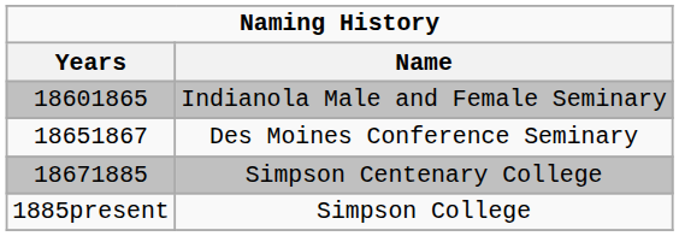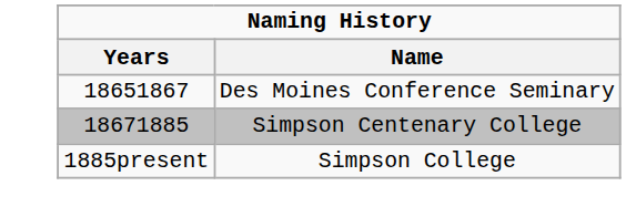 <table class="wikitable" style="float:right; font-size:85%; clear:left; margin:0 0 1em 1em;">
 <tr>
 <td colspan="2" style="text-align:center; font-size:100%; "><strong>Naming History</strong></td>
 </tr>
 <tr>
 <th>Years</th>
 <th>Name</th>
-</tr>
-<tr style="text-align:center; background:silver;">
-<td>18601865</td>
-<td>Indianola Male and Female Seminary</td>
 </tr>
 <tr style="text-align:center;">
 <td>18651867</td>
 <td>Des Moines Conference Seminary</td>
 </tr>
 <tr style="text-align:center; background:silver;">
 <td>18671885</td>
 <td>Simpson Centenary College</td>
 </tr>
 <tr style="text-align:center;">
 <td>1885present</td>
 <td>Simpson College</td>
 </tr>
 </table>
